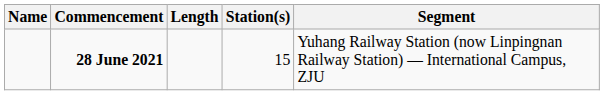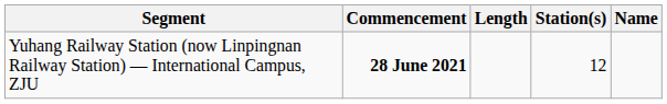 <table class="wikitable" style="border-collapse: collapse; text-align: right;">
 <tr>
-<th>Name</th>
+<th>Segment</th>
 <th>Commencement</th>
 <th>Length</th>
 <th>Station(s)</th>
-<th>Segment</th>
+<th>Name</th>
 </tr>
 <tr>
-<td style="text-align: left;"></td>
+<td style="text-align: left;">Yuhang Railway Station (now Linpingnan Railway Station) — International Campus, ZJU</td>
 <td><strong>28 June 2021</strong></td>
 <td></td>
-<td>15</td>
-<td style="text-align: left;">Yuhang Railway Station (now Linpingnan Railway Station) — International Campus, ZJU</td>
+<td>12</td>
+<td style="text-align: left;"></td>
 </tr>
 </table>
